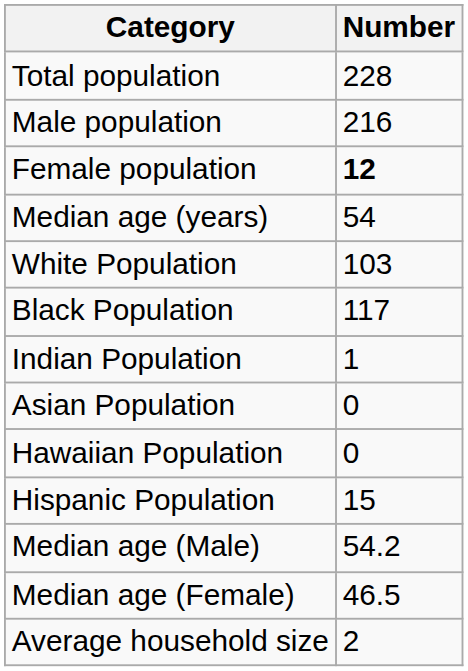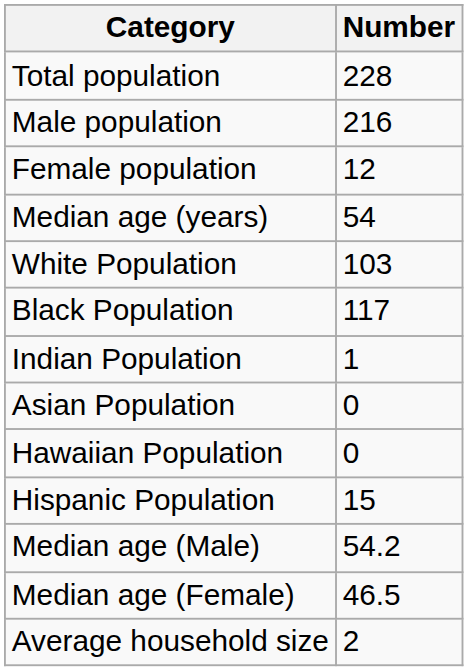 <table class="wikitable">
 <tr>
 <th>Category</th>
 <th>Number</th>
 </tr>
 <tr>
 <td>Total population</td>
 <td>228</td>
 </tr>
 <tr>
 <td>Male population</td>
 <td>216</td>
 </tr>
 <tr>
 <td>Female population</td>
-<td><strong>12</strong></td>
+<td>12</td>
 </tr>
 <tr>
 <td>Median age (years)</td>
 <td>54</td>
 </tr>
 <tr>
 <td>White Population</td>
 <td>103</td>
 </tr>
 <tr>
 <td>Black Population</td>
 <td>117</td>
 </tr>
 <tr>
 <td>Indian Population</td>
 <td>1</td>
 </tr>
 <tr>
 <td>Asian Population</td>
 <td>0</td>
 </tr>
 <tr>
 <td>Hawaiian Population</td>
 <td>0</td>
 </tr>
 <tr>
 <td>Hispanic Population</td>
 <td>15</td>
 </tr>
 <tr>
 <td>Median age (Male)</td>
 <td>54.2</td>
 </tr>
 <tr>
 <td>Median age (Female)</td>
 <td>46.5</td>
 </tr>
 <tr>
 <td>Average household size</td>
 <td>2</td>
 </tr>
 </table>
